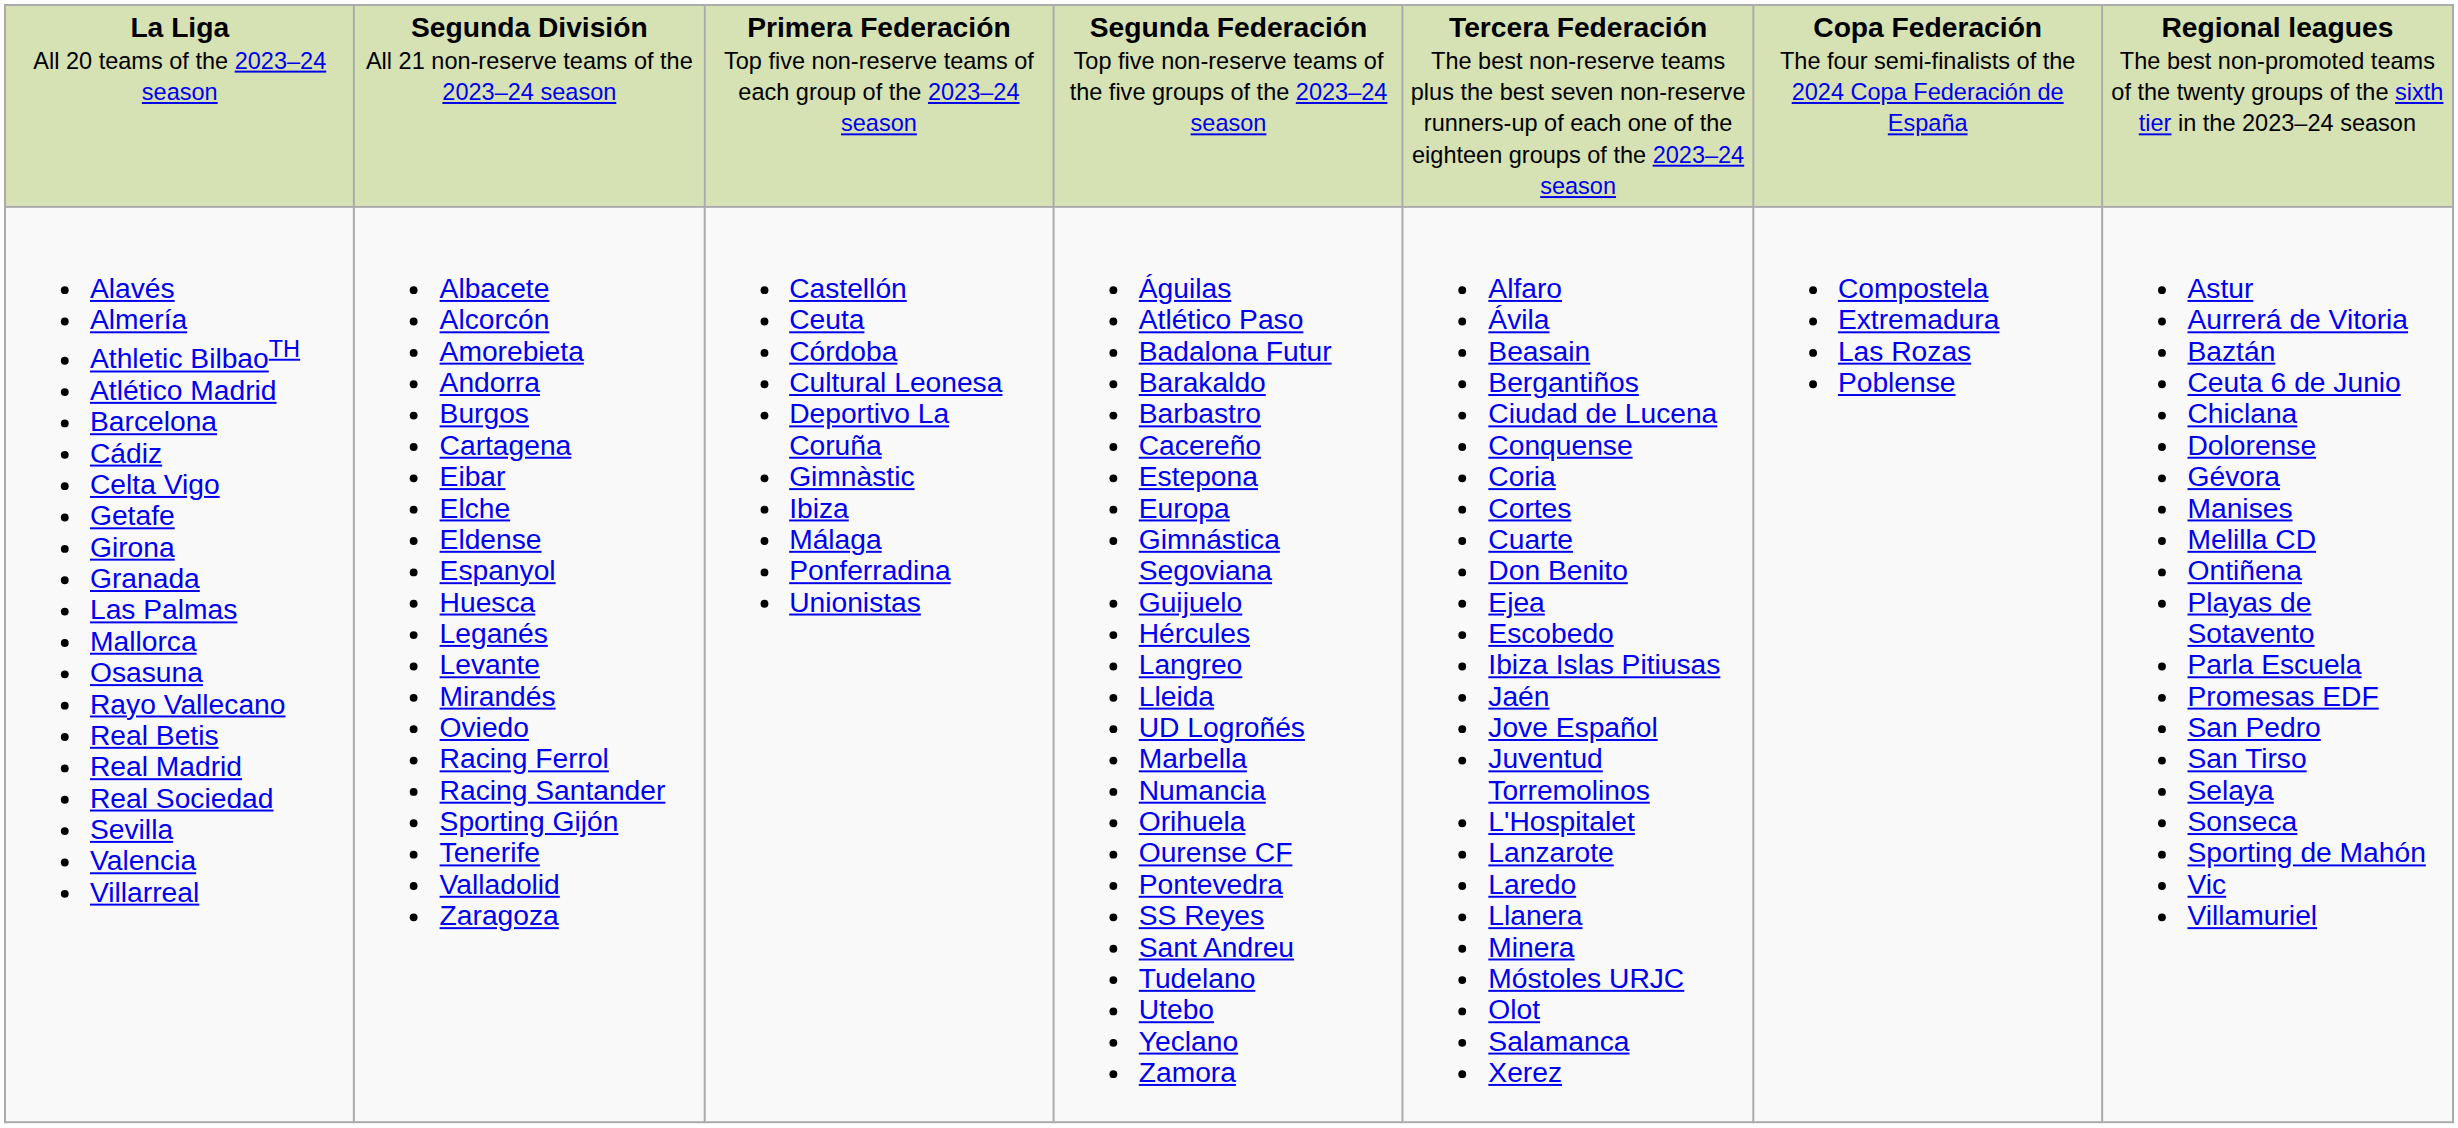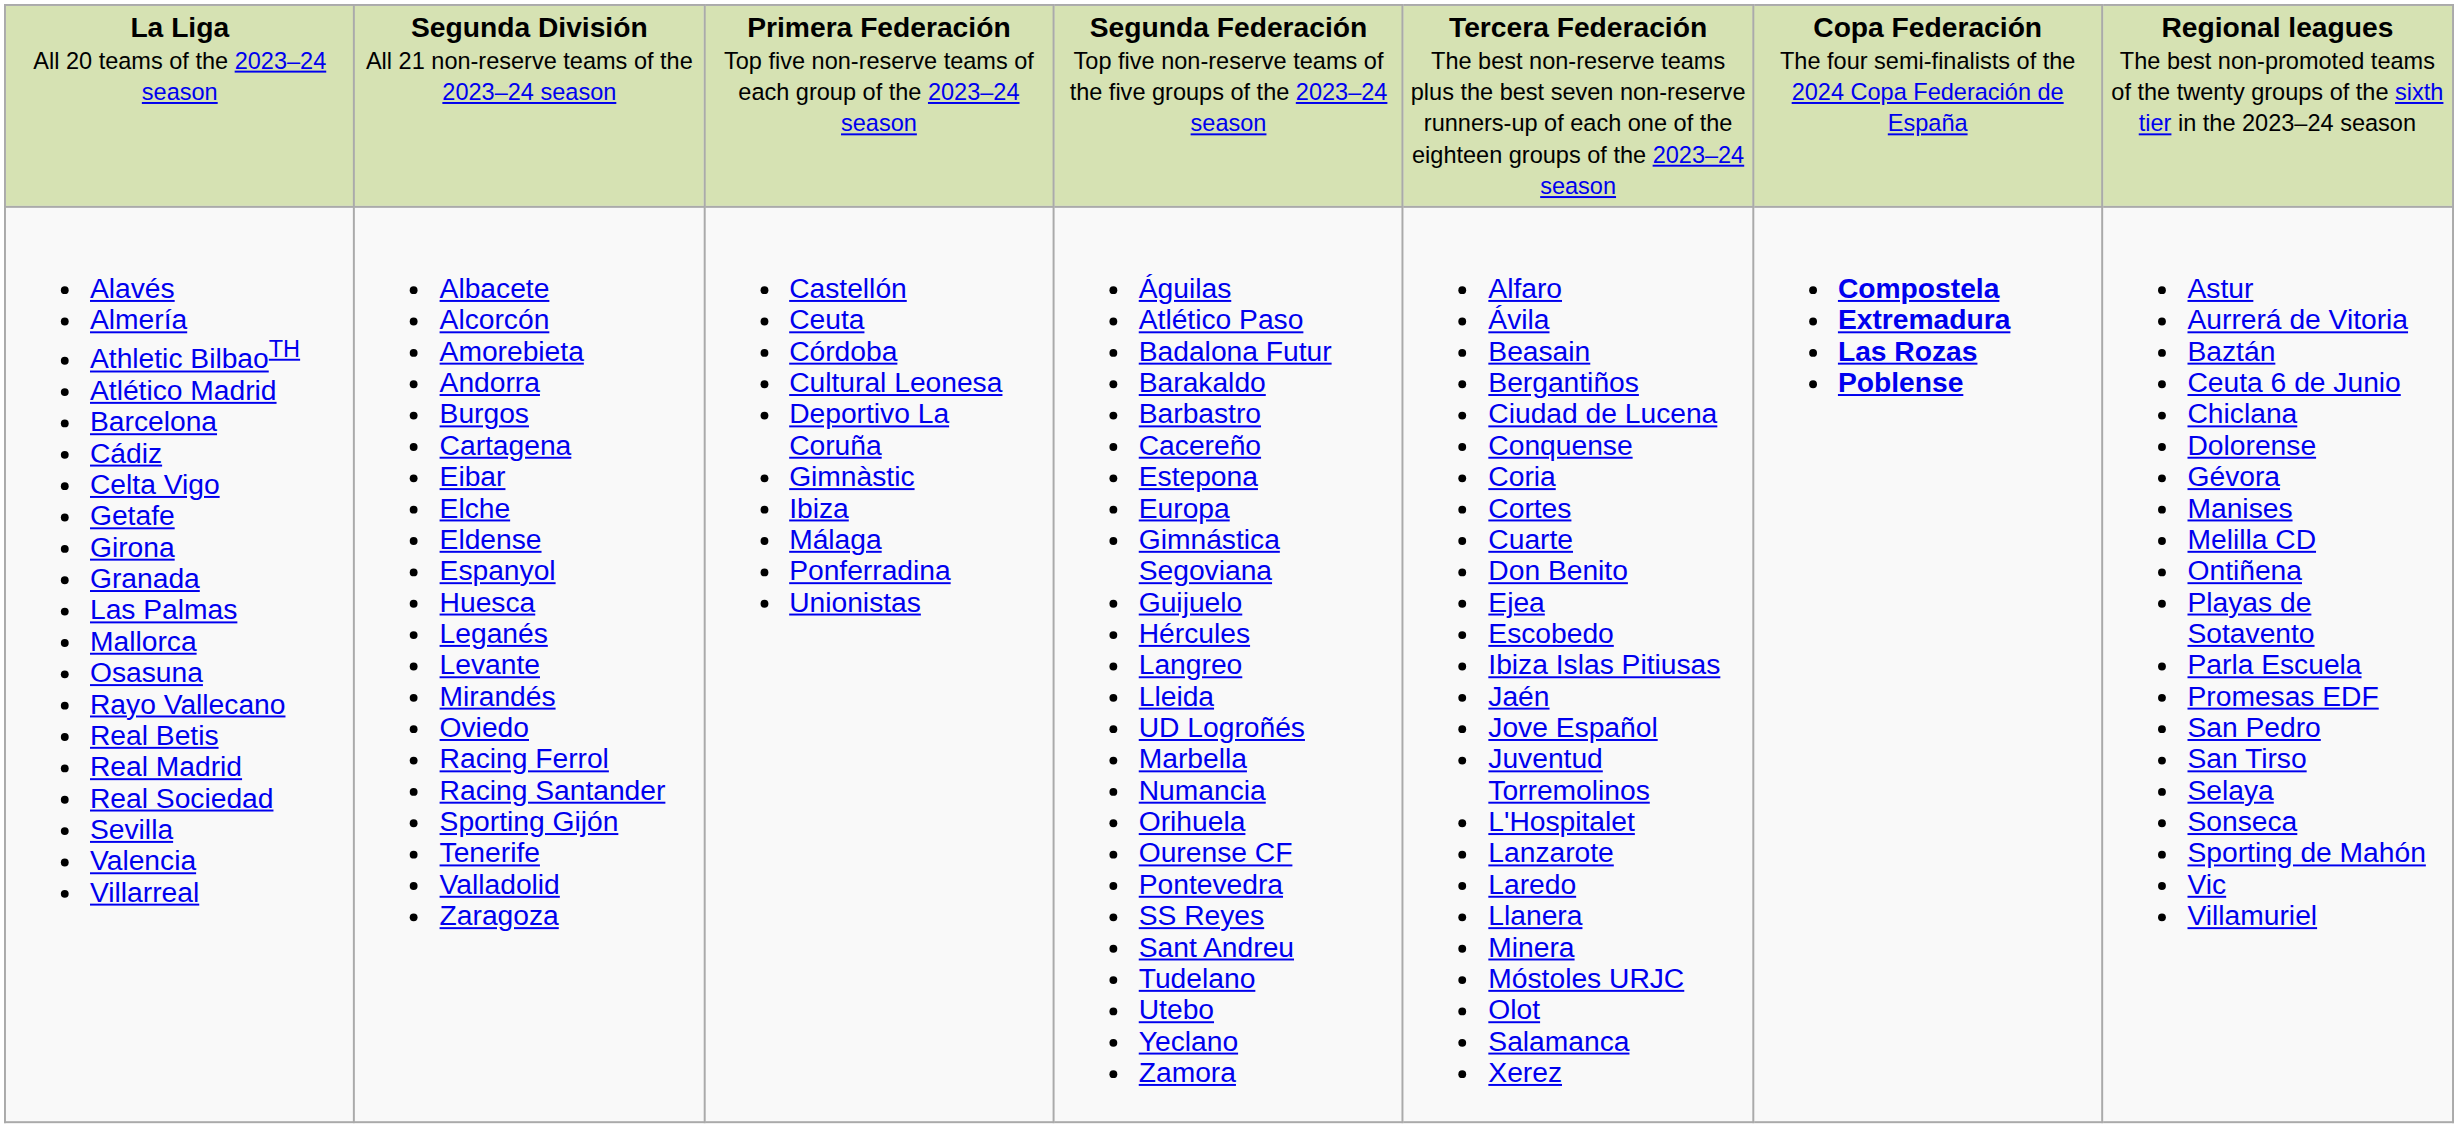 <table class="wikitable" style="font-size:90%">
 <tr style="background-color:#d6e2b3; text-align:center; vertical-align:top">
 <td style="width:14%"><strong>La Liga</strong><br><small>All 20 teams of the <a href='#'>2023–24 season</a></small></td>
 <td style="width:14%"><strong>Segunda División</strong><br><small>All 21 non-reserve teams of the <a href='#'>2023–24 season</a></small></td>
 <td style="width:14%"><strong>Primera Federación</strong><br><small>Top five non-reserve teams of each group of the <a href='#'>2023–24 season</a></small></td>
 <td style="width:14%"><strong>Segunda Federación</strong><br><small>Top five non-reserve teams of the five groups of the <a href='#'>2023–24 season</a></small></td>
 <td style="width:14%"><strong>Tercera Federación</strong><br><small>The best non-reserve teams plus the best seven non-reserve runners-up of each one of the eighteen groups of the <a href='#'>2023–24 season</a></small></td>
 <td style="width:14%"><strong>Copa Federación</strong><br><small>The four semi-finalists of the <a href='#'>2024 Copa Federación de España</a></small></td>
 <td style="width:14%"><strong>Regional leagues</strong><br><small>The best non-promoted teams of the twenty groups of the <a href='#'>sixth tier</a> in the 2023–24 season </small></td>
 </tr>
 <tr style="vertical-align:top">
 <td><br><ul><li><a href='#'>Alavés</a></li><li><a href='#'>Almería</a></li><li><a href='#'>Athletic Bilbao</a><sup><a href='#'>TH</a></sup></li><li><a href='#'>Atlético Madrid</a></li><li><a href='#'>Barcelona</a></li><li><a href='#'>Cádiz</a></li><li><a href='#'>Celta Vigo</a></li><li><a href='#'>Getafe</a></li><li><a href='#'>Girona</a></li><li><a href='#'>Granada</a></li><li><a href='#'>Las Palmas</a></li><li><a href='#'>Mallorca</a></li><li><a href='#'>Osasuna</a></li><li><a href='#'>Rayo Vallecano</a></li><li><a href='#'>Real Betis</a></li><li><a href='#'>Real Madrid</a></li><li><a href='#'>Real Sociedad</a></li><li><a href='#'>Sevilla</a></li><li><a href='#'>Valencia</a></li><li><a href='#'>Villarreal</a></li></ul></td>
 <td><br><ul><li><a href='#'>Albacete</a></li><li><a href='#'>Alcorcón</a></li><li><a href='#'>Amorebieta</a></li><li><a href='#'>Andorra</a></li><li><a href='#'>Burgos</a></li><li><a href='#'>Cartagena</a></li><li><a href='#'>Eibar</a></li><li><a href='#'>Elche</a></li><li><a href='#'>Eldense</a></li><li><a href='#'>Espanyol</a></li><li><a href='#'>Huesca</a></li><li><a href='#'>Leganés</a></li><li><a href='#'>Levante</a></li><li><a href='#'>Mirandés</a></li><li><a href='#'>Oviedo</a></li><li><a href='#'>Racing Ferrol</a></li><li><a href='#'>Racing Santander</a></li><li><a href='#'>Sporting Gijón</a></li><li><a href='#'>Tenerife</a></li><li><a href='#'>Valladolid</a></li><li><a href='#'>Zaragoza</a></li></ul></td>
 <td><br><ul><li><a href='#'>Castellón</a></li><li><a href='#'>Ceuta</a></li><li><a href='#'>Córdoba</a></li><li><a href='#'>Cultural Leonesa</a></li><li><a href='#'>Deportivo La Coruña</a></li><li><a href='#'>Gimnàstic</a></li><li><a href='#'>Ibiza</a></li><li><a href='#'>Málaga</a></li><li><a href='#'>Ponferradina</a></li><li><a href='#'>Unionistas</a></li></ul></td>
 <td><br><ul><li><a href='#'>Águilas</a></li><li><a href='#'>Atlético Paso</a></li><li><a href='#'>Badalona Futur</a></li><li><a href='#'>Barakaldo</a></li><li><a href='#'>Barbastro</a></li><li><a href='#'>Cacereño</a></li><li><a href='#'>Estepona</a></li><li><a href='#'>Europa</a></li><li><a href='#'>Gimnástica Segoviana</a></li><li><a href='#'>Guijuelo</a></li><li><a href='#'>Hércules</a></li><li><a href='#'>Langreo</a></li><li><a href='#'>Lleida</a></li><li><a href='#'>UD Logroñés</a></li><li><a href='#'>Marbella</a></li><li><a href='#'>Numancia</a></li><li><a href='#'>Orihuela</a></li><li><a href='#'>Ourense CF</a></li><li><a href='#'>Pontevedra</a></li><li><a href='#'>SS Reyes</a></li><li><a href='#'>Sant Andreu</a></li><li><a href='#'>Tudelano</a></li><li><a href='#'>Utebo</a></li><li><a href='#'>Yeclano</a></li><li><a href='#'>Zamora</a></li></ul></td>
 <td><br><ul><li><a href='#'>Alfaro</a></li><li><a href='#'>Ávila</a></li><li><a href='#'>Beasain</a></li><li><a href='#'>Bergantiños</a></li><li><a href='#'>Ciudad de Lucena</a></li><li><a href='#'>Conquense</a></li><li><a href='#'>Coria</a></li><li><a href='#'>Cortes</a></li><li><a href='#'>Cuarte</a></li><li><a href='#'>Don Benito</a></li><li><a href='#'>Ejea</a></li><li><a href='#'>Escobedo</a></li><li><a href='#'>Ibiza Islas Pitiusas</a></li><li><a href='#'>Jaén</a></li><li><a href='#'>Jove Español</a></li><li><a href='#'>Juventud Torremolinos</a></li><li><a href='#'>L'Hospitalet</a></li><li><a href='#'>Lanzarote</a></li><li><a href='#'>Laredo</a></li><li><a href='#'>Llanera</a></li><li><a href='#'>Minera</a></li><li><a href='#'>Móstoles URJC</a></li><li><a href='#'>Olot</a></li><li><a href='#'>Salamanca</a></li><li><a href='#'>Xerez</a></li></ul></td>
-<td><br><ul><li><a href='#'>Compostela</a></li><li><a href='#'>Extremadura</a></li><li><a href='#'>Las Rozas</a></li><li><a href='#'>Poblense</a></li></ul></td>
+<td><strong><br><ul><li><a href='#'>Compostela</a></li><li><a href='#'>Extremadura</a></li><li><a href='#'>Las Rozas</a></li><li><a href='#'>Poblense</a></li></ul></strong></td>
 <td><br><ul><li><a href='#'>Astur</a></li><li><a href='#'>Aurrerá de Vitoria</a></li><li><a href='#'>Baztán</a></li><li><a href='#'>Ceuta 6 de Junio</a></li><li><a href='#'>Chiclana</a></li><li><a href='#'>Dolorense</a></li><li><a href='#'>Gévora</a></li><li><a href='#'>Manises</a></li><li><a href='#'>Melilla CD</a></li><li><a href='#'>Ontiñena</a></li><li><a href='#'>Playas de Sotavento</a></li><li><a href='#'>Parla Escuela</a></li><li><a href='#'>Promesas EDF</a></li><li><a href='#'>San Pedro</a></li><li><a href='#'>San Tirso</a></li><li><a href='#'>Selaya</a></li><li><a href='#'>Sonseca</a></li><li><a href='#'>Sporting de Mahón</a></li><li><a href='#'>Vic</a></li><li><a href='#'>Villamuriel</a></li></ul></td>
 </tr>
 </table>
